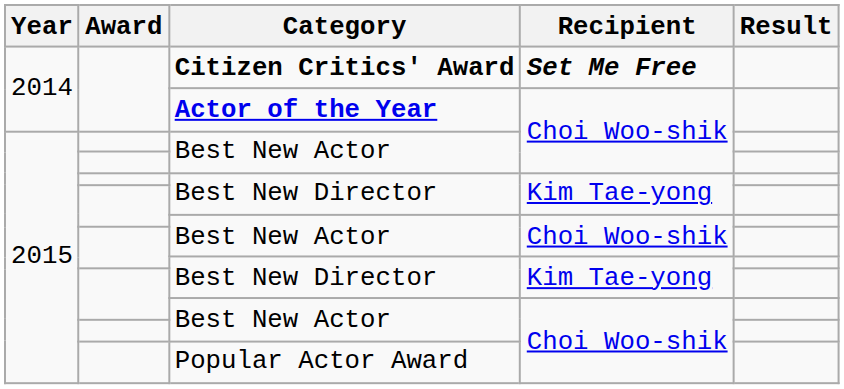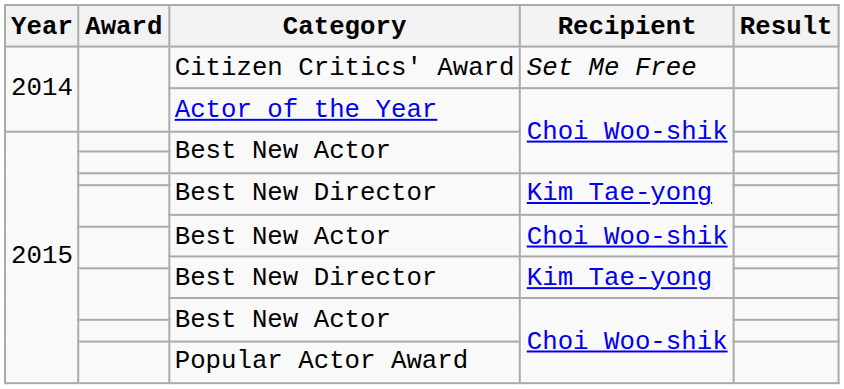 <table class="wikitable sortable">
 <tr>
 <th>Year</th>
 <th>Award</th>
 <th>Category</th>
 <th>Recipient</th>
 <th>Result</th>
 </tr>
 <tr>
 <td rowspan="2">2014</td>
 <td rowspan="2"></td>
-<td><strong>Citizen Critics' Award</strong></td>
-<td><strong><em>Set Me Free</em></strong></td>
+<td>Citizen Critics' Award</td>
+<td><em>Set Me Free</em></td>
 <td></td>
 </tr>
 <tr>
-<td><strong><a href='#'>Actor of the Year</a></strong></td>
+<td><a href='#'>Actor of the Year</a></td>
 <td rowspan="3"><a href='#'>Choi Woo-shik</a></td>
 <td></td>
 </tr>
 <tr>
 <td rowspan="11">2015</td>
 <td></td>
 <td rowspan="2">Best New Actor</td>
 <td></td>
 </tr>
 <tr>
 <td></td>
 <td></td>
 </tr>
 <tr>
 <td></td>
 <td rowspan="2">Best New Director</td>
 <td rowspan="2"><a href='#'>Kim Tae-yong</a></td>
 <td></td>
 </tr>
 <tr>
 <td rowspan="2"></td>
 <td></td>
 </tr>
 <tr>
 <td rowspan="2">Best New Actor</td>
 <td rowspan="2"><a href='#'>Choi Woo-shik</a></td>
 <td></td>
 </tr>
 <tr>
 <td rowspan="2"></td>
 <td></td>
 </tr>
 <tr>
 <td rowspan="2">Best New Director</td>
 <td rowspan="2"><a href='#'>Kim Tae-yong</a></td>
 <td></td>
 </tr>
 <tr>
 <td rowspan="2"></td>
 <td></td>
 </tr>
 <tr>
 <td rowspan="2">Best New Actor</td>
 <td rowspan="3"><a href='#'>Choi Woo-shik</a></td>
 <td></td>
 </tr>
 <tr>
 <td></td>
 <td></td>
 </tr>
 <tr>
 <td></td>
 <td>Popular Actor Award</td>
 <td></td>
 </tr>
 </table>
